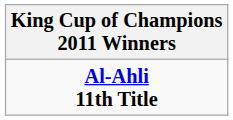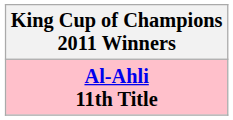 <table class="wikitable" style="text-align: center; margin: 0 auto;">
 <tr>
 <th>King Cup of Champions <br>2011 Winners</th>
 </tr>
 <tr>
-<td><strong><a href='#'>Al-Ahli</a></strong><br><strong>11th Title</strong></td>
+<td style="background: pink;"><strong><a href='#'>Al-Ahli</a></strong><br><strong>11th Title</strong></td>
 </tr>
 </table>
